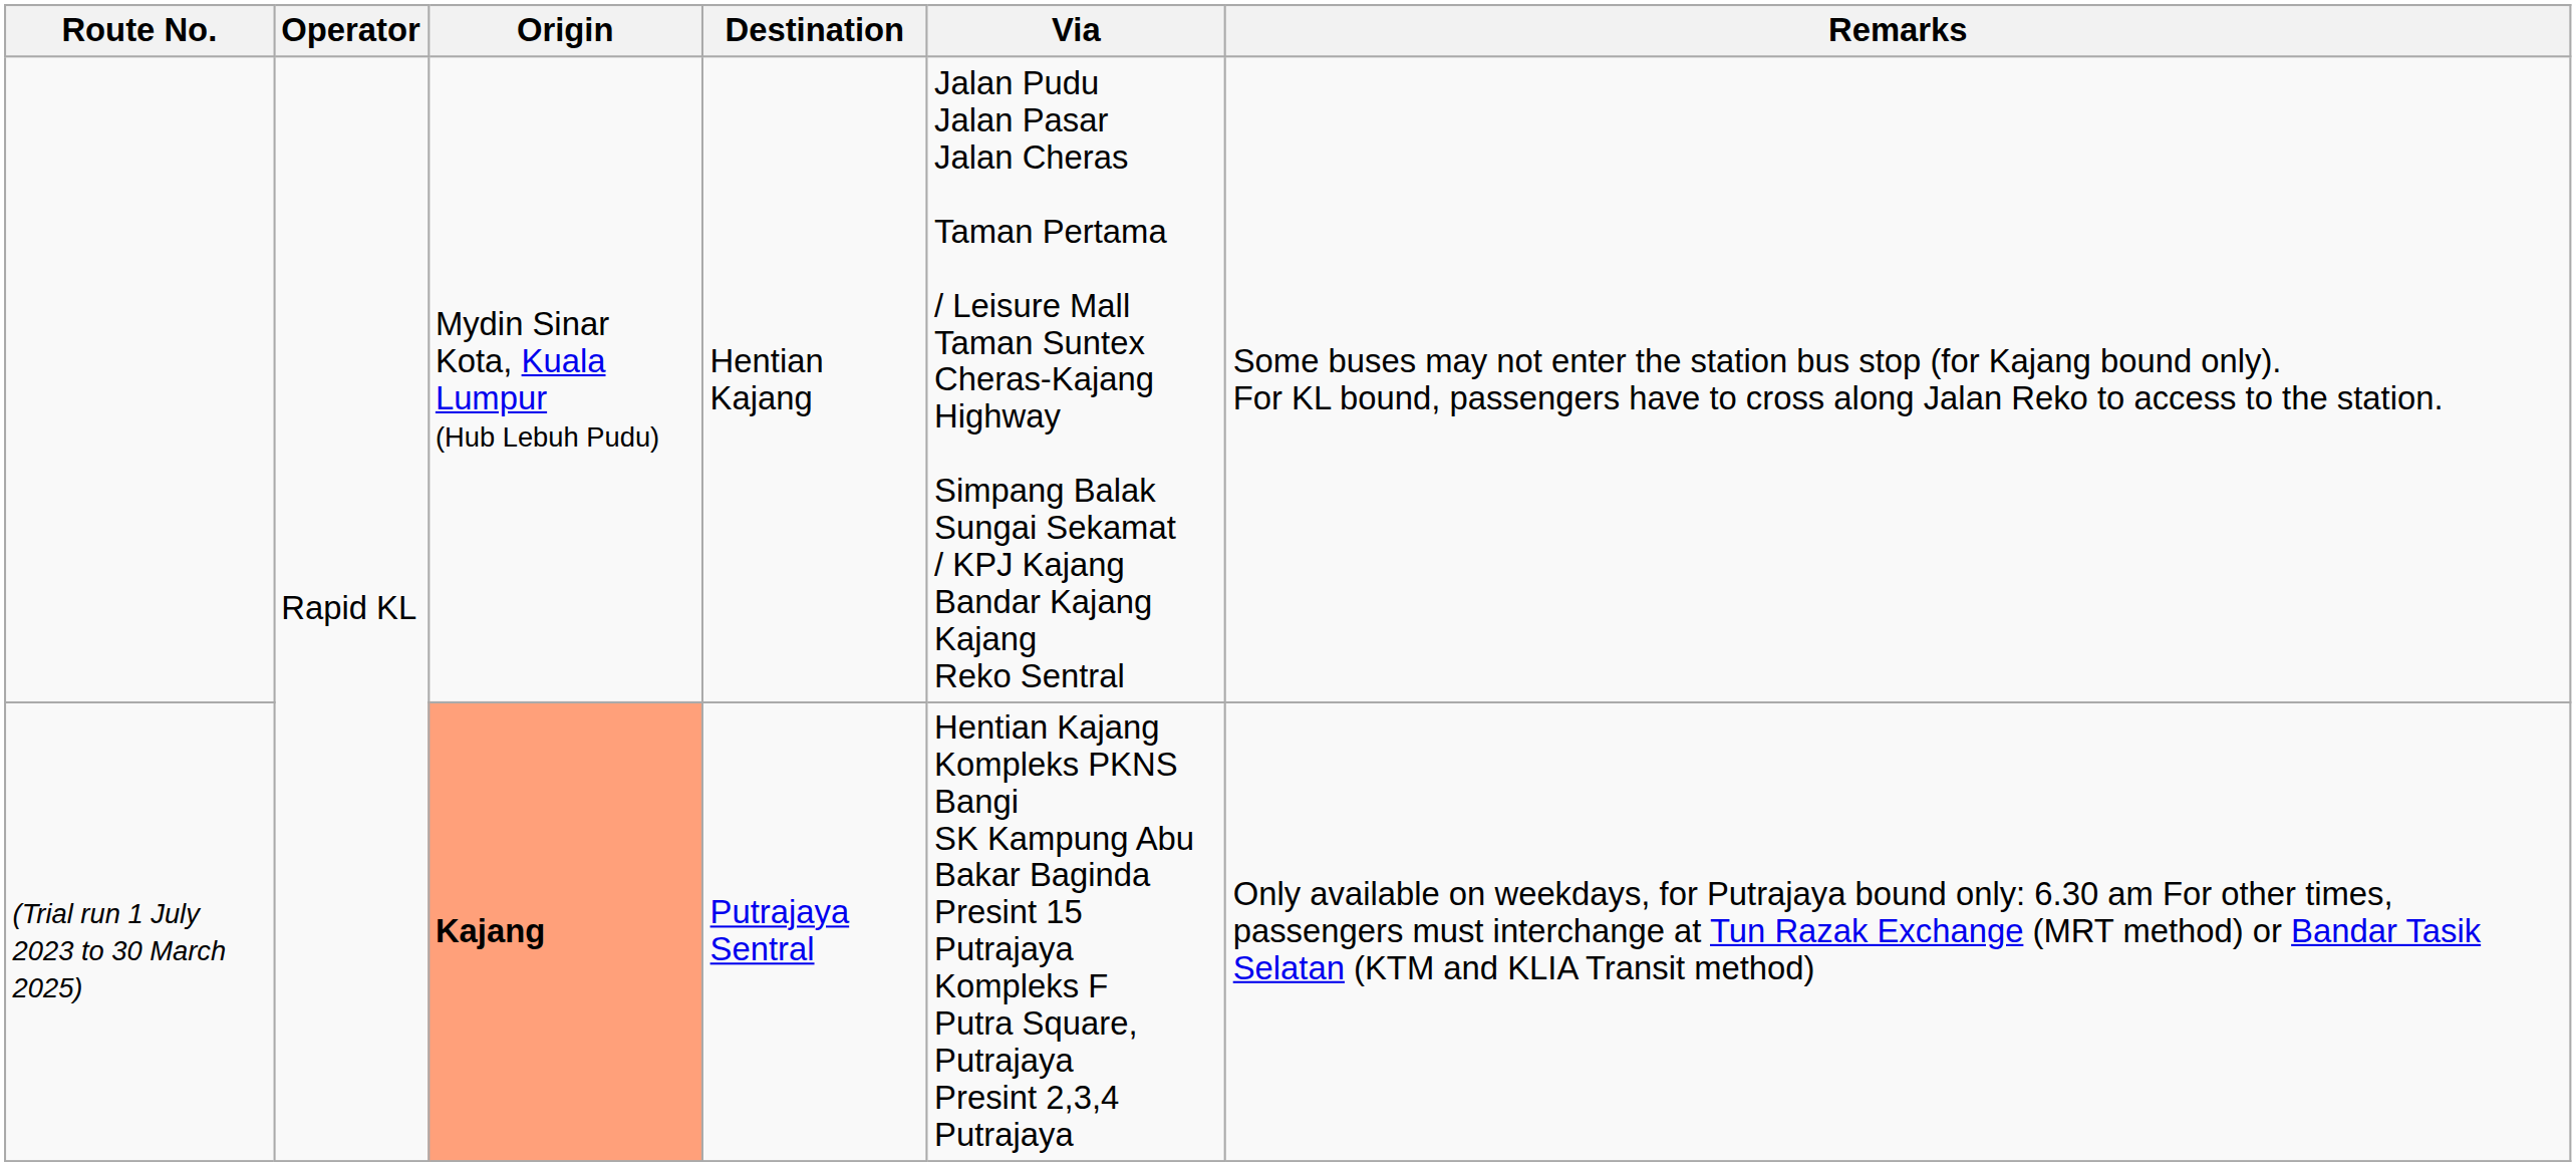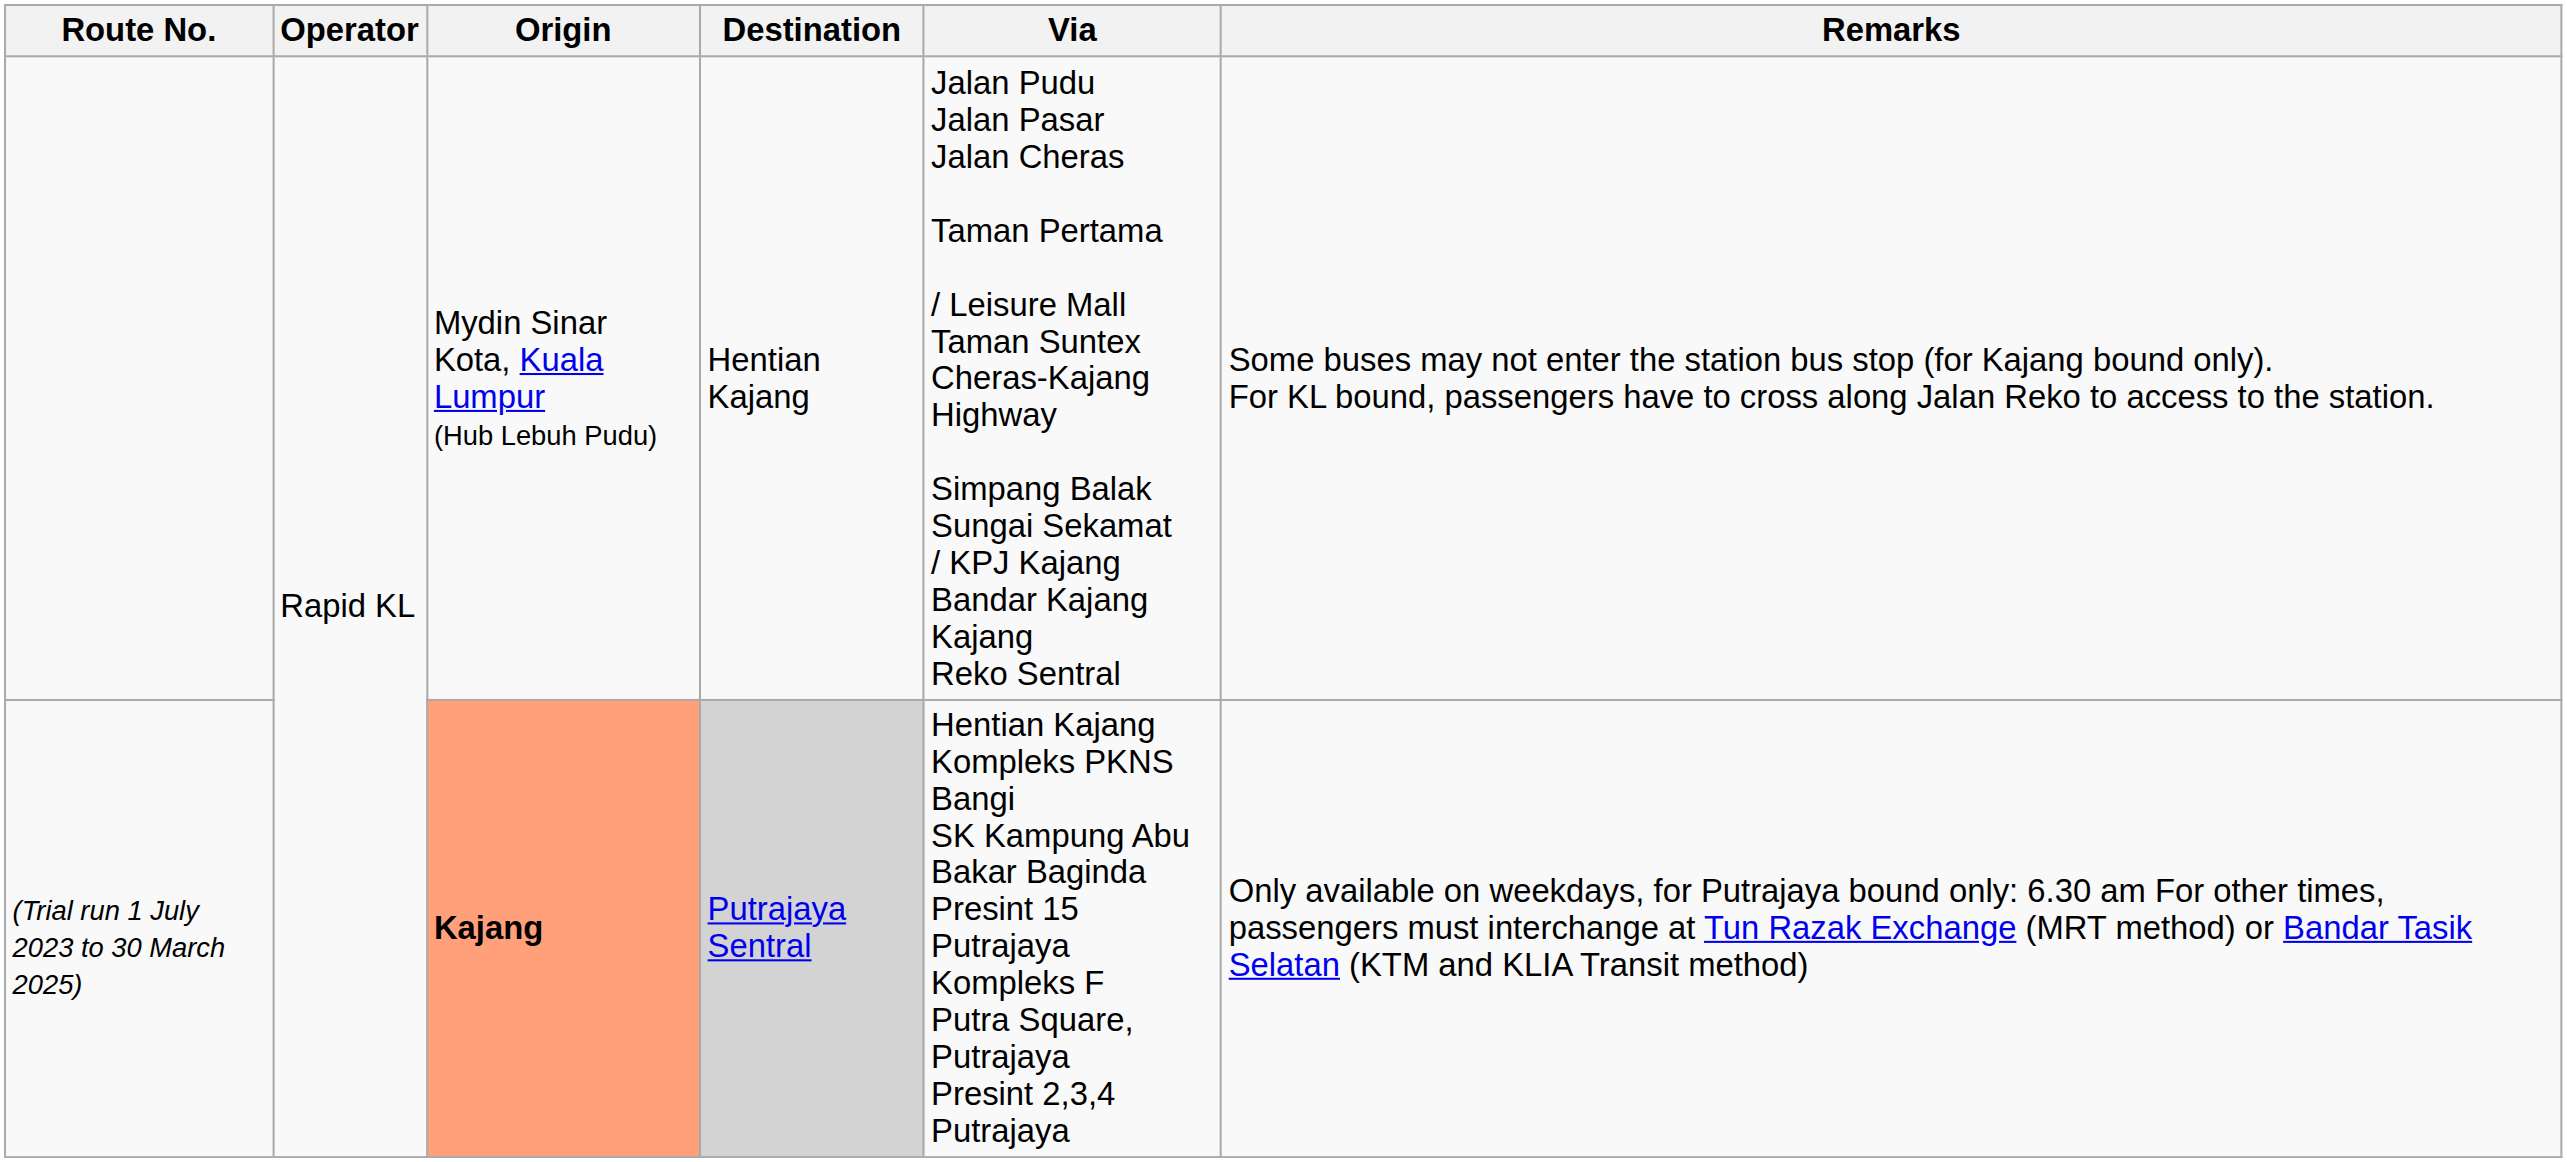 <table class="wikitable">
 <tr>
 <th>Route No.</th>
 <th>Operator</th>
 <th>Origin</th>
 <th>Destination</th>
 <th>Via</th>
 <th>Remarks</th>
 </tr>
 <tr>
 <td></td>
 <td rowspan="2">Rapid KL</td>
 <td>Mydin Sinar Kota, <a href='#'>Kuala Lumpur</a> <br><small>(Hub Lebuh Pudu)</small><br> </td>
 <td>Hentian Kajang</td>
 <td>Jalan Pudu<br>Jalan Pasar<br>Jalan Cheras<br> <br>Taman Pertama<br> <br>  / Leisure Mall<br>Taman Suntex<br> Cheras-Kajang Highway<br> <br>Simpang Balak<br>Sungai Sekamat<br>  / KPJ Kajang<br>Bandar Kajang<br> Kajang<br>Reko Sentral<br> </td>
 <td>Some buses may not enter the station bus stop (for Kajang bound only).<br>For KL bound, passengers have to cross along Jalan Reko to access to the station.</td>
 </tr>
 <tr>
 <td><br><small><em>(Trial run 1 July 2023 to 30 March 2025)</em></small></td>
 <td style="background: lightsalmon;"> <strong>Kajang</strong></td>
-<td> <a href='#'>Putrajaya Sentral</a></td>
+<td style="background: lightgrey;"> <a href='#'>Putrajaya Sentral</a></td>
 <td>Hentian Kajang<br>Kompleks PKNS Bangi<br>SK Kampung Abu Bakar Baginda<br>Presint 15 Putrajaya<br>Kompleks F<br>Putra Square, Putrajaya<br>Presint 2,3,4 Putrajaya</td>
 <td>Only available on weekdays, for Putrajaya bound only: 6.30 am For other times, passengers must interchange at <a href='#'>Tun Razak Exchange</a> (MRT method) or <a href='#'>Bandar Tasik Selatan</a> (KTM and KLIA Transit method)</td>
 </tr>
 </table>
